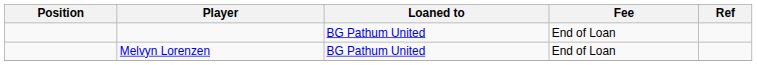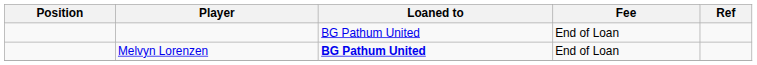 <table class="wikitable sortable" style="width:80%; text-align:center; font-size:100%; text-align:left;">
 <tr>
 <th>Position</th>
 <th>Player</th>
 <th>Loaned to</th>
 <th>Fee</th>
 <th>Ref</th>
 </tr>
 <tr>
 <td></td>
 <td></td>
 <td> <a href='#'>BG Pathum United</a></td>
 <td>End of Loan</td>
 <td></td>
 </tr>
 <tr>
 <td></td>
 <td> <a href='#'>Melvyn Lorenzen</a></td>
-<td> <a href='#'>BG Pathum United</a></td>
+<td><strong> <a href='#'>BG Pathum United</a></strong></td>
 <td>End of Loan</td>
 <td></td>
 </tr>
 <tr>
 </tr>
 </table>
